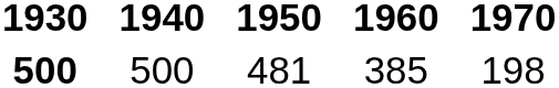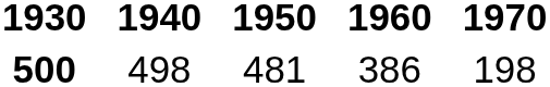 <table class="toccolours">
 <tr>
 <td align=center>  <strong>1930</strong></td>
 <td align=center>  <strong>1940</strong></td>
 <td align=center>  <strong>1950</strong></td>
 <td align=center>  <strong>1960</strong></td>
 <td align=center>  <strong>1970</strong>  </td>
 </tr>
 <tr>
 <td align=center><strong>  500</strong></td>
-<td align=center>  500</td>
+<td align=center>  498</td>
 <td align=center>  481</td>
-<td align=center>  385</td>
+<td align=center>  386</td>
 <td align=center>  198  </td>
 </tr>
 </table>
